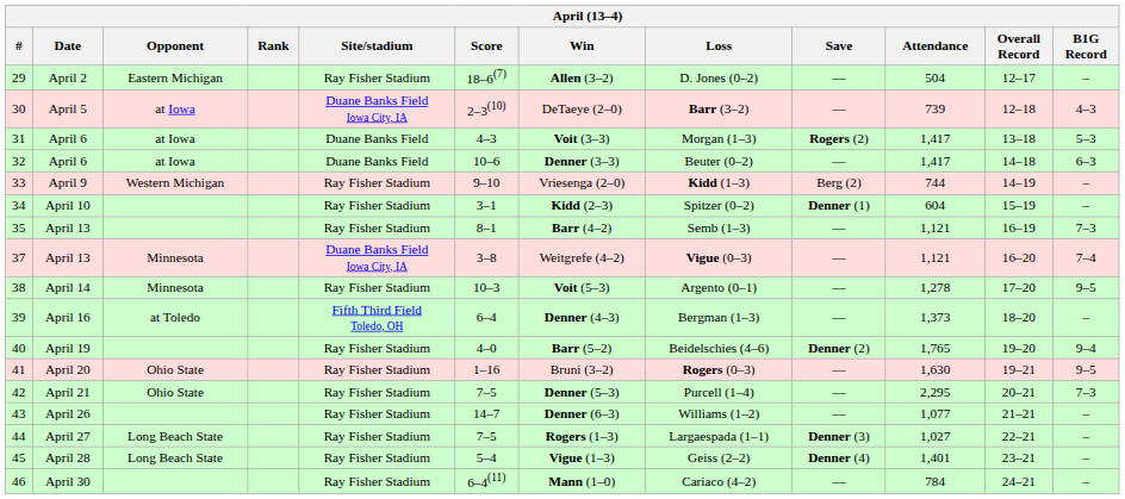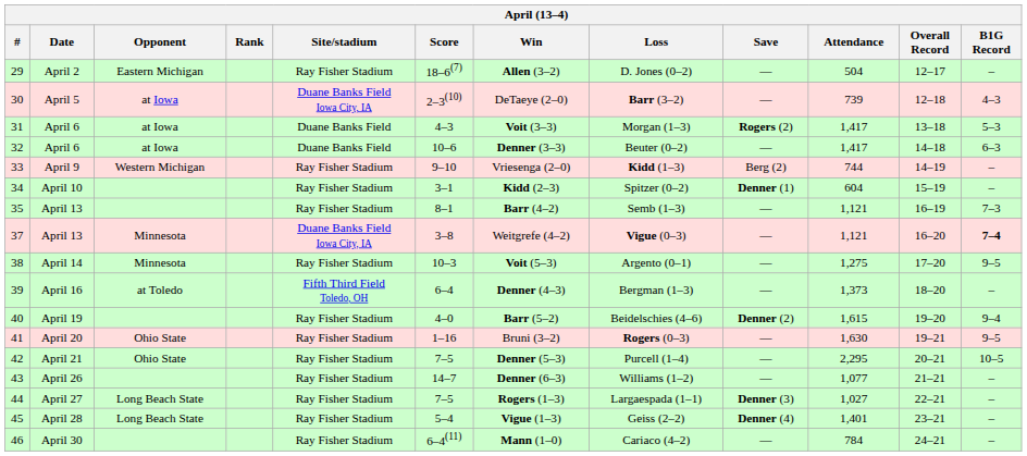 <table class="wikitable collapsible collapsed" style="margin:auto; width:100%; text-align:center; font-size:95%">
 <tr>
 <th colspan=12 style="padding-left:4em;">April (13–4)</th>
 </tr>
 <tr>
 <th>#</th>
 <th>Date</th>
 <th>Opponent</th>
 <th>Rank</th>
 <th>Site/stadium</th>
 <th>Score</th>
 <th>Win</th>
 <th>Loss</th>
 <th>Save</th>
 <th>Attendance</th>
 <th>Overall<br>Record</th>
 <th>B1G<br>Record</th>
 </tr>
 <tr align="center" bgcolor="#ccffcc">
 <td>29</td>
 <td>April 2</td>
 <td>Eastern Michigan</td>
 <td></td>
 <td>Ray Fisher Stadium</td>
 <td>18–6<sup>(7)</sup></td>
 <td><strong>Allen</strong> (3–2)</td>
 <td>D. Jones (0–2)</td>
 <td>—</td>
 <td>504</td>
 <td>12–17</td>
 <td>–</td>
 </tr>
 <tr align="center" bgcolor="#ffdddd">
 <td>30</td>
 <td>April 5</td>
 <td>at <a href='#'>Iowa</a></td>
 <td></td>
 <td><a href='#'>Duane Banks Field</a><br><small><a href='#'>Iowa City, IA</a></small></td>
 <td>2–3<sup>(10)</sup></td>
 <td>DeTaeye (2–0)</td>
 <td><strong>Barr</strong> (3–2)</td>
 <td>—</td>
 <td>739</td>
 <td>12–18</td>
 <td>4–3</td>
 </tr>
 <tr align="center" bgcolor="#ccffcc">
 <td>31</td>
 <td>April 6</td>
 <td>at Iowa</td>
 <td></td>
 <td>Duane Banks Field</td>
 <td>4–3</td>
 <td><strong>Voit</strong> (3–3)</td>
 <td>Morgan (1–3)</td>
 <td><strong>Rogers</strong> (2)</td>
 <td>1,417</td>
 <td>13–18</td>
 <td>5–3</td>
 </tr>
 <tr align="center" bgcolor="#ccffcc">
 <td>32</td>
 <td>April 6</td>
 <td>at Iowa</td>
 <td></td>
 <td>Duane Banks Field</td>
 <td>10–6</td>
 <td><strong>Denner</strong> (3–3)</td>
 <td>Beuter (0–2)</td>
 <td>—</td>
 <td>1,417</td>
 <td>14–18</td>
 <td>6–3</td>
 </tr>
 <tr align="center" bgcolor="#ffdddd">
 <td>33</td>
 <td>April 9</td>
 <td>Western Michigan</td>
 <td></td>
 <td>Ray Fisher Stadium</td>
 <td>9–10</td>
 <td>Vriesenga (2–0)</td>
 <td><strong>Kidd</strong> (1–3)</td>
 <td>Berg (2)</td>
 <td>744</td>
 <td>14–19</td>
 <td>–</td>
 </tr>
 <tr align="center" bgcolor="#ccffcc">
 <td>34</td>
 <td>April 10</td>
 <td></td>
 <td></td>
 <td>Ray Fisher Stadium</td>
 <td>3–1</td>
 <td><strong>Kidd</strong> (2–3)</td>
 <td>Spitzer (0–2)</td>
 <td><strong>Denner</strong> (1)</td>
 <td>604</td>
 <td>15–19</td>
 <td>–</td>
 </tr>
 <tr align="center" bgcolor="#ccffcc">
 <td>35</td>
 <td>April 13</td>
 <td></td>
 <td></td>
 <td>Ray Fisher Stadium</td>
 <td>8–1</td>
 <td><strong>Barr</strong> (4–2)</td>
 <td>Semb (1–3)</td>
 <td>—</td>
 <td>1,121</td>
 <td>16–19</td>
 <td>7–3</td>
 </tr>
 <tr align="center" bgcolor="#ffdddd">
 <td>37</td>
 <td>April 13</td>
 <td>Minnesota</td>
 <td></td>
 <td><a href='#'>Duane Banks Field</a><br><small><a href='#'>Iowa City, IA</a></small></td>
 <td>3–8</td>
 <td>Weitgrefe (4–2)</td>
 <td><strong>Vigue</strong> (0–3)</td>
 <td>—</td>
 <td>1,121</td>
 <td>16–20</td>
-<td>7–4</td>
+<td><strong>7–4</strong></td>
 </tr>
 <tr align="center" bgcolor="#ccffcc">
 <td>38</td>
 <td>April 14</td>
 <td>Minnesota</td>
 <td></td>
 <td>Ray Fisher Stadium</td>
 <td>10–3</td>
 <td><strong>Voit</strong> (5–3)</td>
 <td>Argento (0–1)</td>
 <td>—</td>
-<td>1,278</td>
+<td>1,275</td>
 <td>17–20</td>
 <td>9–5</td>
 </tr>
 <tr align="center" bgcolor="#ccffcc">
 <td>39</td>
 <td>April 16</td>
 <td>at Toledo</td>
 <td></td>
 <td><a href='#'>Fifth Third Field</a><br><small><a href='#'>Toledo, OH</a></small></td>
 <td>6–4</td>
 <td><strong>Denner</strong> (4–3)</td>
 <td>Bergman (1–3)</td>
 <td>—</td>
 <td>1,373</td>
 <td>18–20</td>
 <td>–</td>
 </tr>
 <tr align="center" bgcolor="#ccffcc">
 <td>40</td>
 <td>April 19</td>
 <td></td>
 <td></td>
 <td>Ray Fisher Stadium</td>
 <td>4–0</td>
 <td><strong>Barr</strong> (5–2)</td>
 <td>Beidelschies (4–6)</td>
 <td><strong>Denner</strong> (2)</td>
-<td>1,765</td>
+<td>1,615</td>
 <td>19–20</td>
 <td>9–4</td>
 </tr>
 <tr align="center" bgcolor="#ffdddd">
 <td>41</td>
 <td>April 20</td>
 <td>Ohio State</td>
 <td></td>
 <td>Ray Fisher Stadium</td>
 <td>1–16</td>
 <td>Bruni (3–2)</td>
 <td><strong>Rogers</strong> (0–3)</td>
 <td>—</td>
 <td>1,630</td>
 <td>19–21</td>
 <td>9–5</td>
 </tr>
 <tr align="center" bgcolor="#ccffcc">
 <td>42</td>
 <td>April 21</td>
 <td>Ohio State</td>
 <td></td>
 <td>Ray Fisher Stadium</td>
 <td>7–5</td>
 <td><strong>Denner</strong> (5–3)</td>
 <td>Purcell (1–4)</td>
 <td>—</td>
 <td>2,295</td>
 <td>20–21</td>
-<td>7–3</td>
+<td>10–5</td>
 </tr>
 <tr align="center" bgcolor="#ccffcc">
 <td>43</td>
 <td>April 26</td>
 <td></td>
 <td></td>
 <td>Ray Fisher Stadium</td>
 <td>14–7</td>
 <td><strong>Denner</strong> (6–3)</td>
 <td>Williams (1–2)</td>
 <td>—</td>
 <td>1,077</td>
 <td>21–21</td>
 <td>–</td>
 </tr>
 <tr align="center" bgcolor="#ccffcc">
 <td>44</td>
 <td>April 27</td>
 <td>Long Beach State</td>
 <td></td>
 <td>Ray Fisher Stadium</td>
 <td>7–5</td>
 <td><strong>Rogers</strong> (1–3)</td>
 <td>Largaespada (1–1)</td>
 <td><strong>Denner</strong> (3)</td>
 <td>1,027</td>
 <td>22–21</td>
 <td>–</td>
 </tr>
 <tr align="center" bgcolor="#ccffcc">
 <td>45</td>
 <td>April 28</td>
 <td>Long Beach State</td>
 <td></td>
 <td>Ray Fisher Stadium</td>
 <td>5–4</td>
 <td><strong>Vigue</strong> (1–3)</td>
 <td>Geiss (2–2)</td>
 <td><strong>Denner</strong> (4)</td>
 <td>1,401</td>
 <td>23–21</td>
 <td>–</td>
 </tr>
 <tr align="center" bgcolor="#ccffcc">
 <td>46</td>
 <td>April 30</td>
 <td></td>
 <td></td>
 <td>Ray Fisher Stadium</td>
 <td>6–4<sup>(11)</sup></td>
 <td><strong>Mann</strong> (1–0)</td>
 <td>Cariaco (4–2)</td>
 <td>—</td>
 <td>784</td>
 <td>24–21</td>
 <td>–</td>
 </tr>
 </table>
